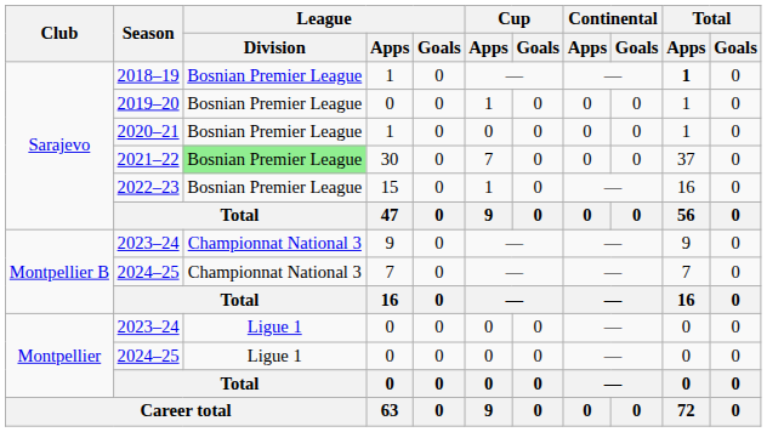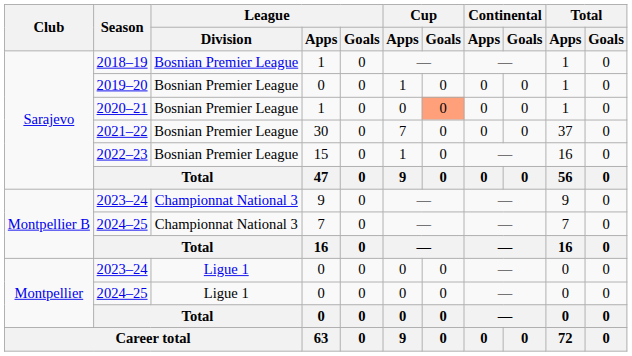 <table class="wikitable" style="text-align:center">
 <tr>
 <th rowspan=2>Club</th>
 <th rowspan=2>Season</th>
 <th colspan=3>League</th>
 <th colspan=2>Cup</th>
 <th colspan=2>Continental</th>
 <th colspan=2>Total</th>
 </tr>
 <tr>
 <th>Division</th>
 <th>Apps</th>
 <th>Goals</th>
 <th>Apps</th>
 <th>Goals</th>
 <th>Apps</th>
 <th>Goals</th>
 <th>Apps</th>
 <th>Goals</th>
 </tr>
 <tr>
 <td rowspan=6><a href='#'>Sarajevo</a></td>
 <td><a href='#'>2018–19</a></td>
 <td><a href='#'>Bosnian Premier League</a></td>
 <td>1</td>
 <td>0</td>
 <td colspan=2>—</td>
 <td colspan="2">—</td>
-<td><strong>1</strong></td>
+<td>1</td>
 <td>0</td>
 </tr>
 <tr>
 <td><a href='#'>2019–20</a></td>
 <td>Bosnian Premier League</td>
 <td>0</td>
 <td>0</td>
 <td>1</td>
 <td>0</td>
 <td>0</td>
 <td>0</td>
 <td>1</td>
 <td>0</td>
 </tr>
 <tr>
 <td><a href='#'>2020–21</a></td>
 <td>Bosnian Premier League</td>
 <td>1</td>
 <td>0</td>
 <td>0</td>
-<td>0</td>
+<td style="background: lightsalmon;">0</td>
 <td>0</td>
 <td>0</td>
 <td>1</td>
 <td>0</td>
 </tr>
 <tr>
 <td><a href='#'>2021–22</a></td>
-<td style="background: lightgreen;">Bosnian Premier League</td>
+<td>Bosnian Premier League</td>
 <td>30</td>
 <td>0</td>
 <td>7</td>
 <td>0</td>
 <td>0</td>
 <td>0</td>
 <td>37</td>
 <td>0</td>
 </tr>
 <tr>
 <td><a href='#'>2022–23</a></td>
 <td>Bosnian Premier League</td>
 <td>15</td>
 <td>0</td>
 <td>1</td>
 <td>0</td>
 <td colspan=2>—</td>
 <td>16</td>
 <td>0</td>
 </tr>
 <tr>
 <th colspan=2>Total</th>
 <th>47</th>
 <th>0</th>
 <th>9</th>
 <th>0</th>
 <th>0</th>
 <th>0</th>
 <th>56</th>
 <th>0</th>
 </tr>
 <tr>
 <td rowspan="3"><a href='#'>Montpellier B</a></td>
 <td><a href='#'>2023–24</a></td>
 <td><a href='#'>Championnat National 3</a></td>
 <td>9</td>
 <td>0</td>
 <td colspan="2">—</td>
 <td colspan="2">—</td>
 <td>9</td>
 <td>0</td>
 </tr>
 <tr>
 <td><a href='#'>2024–25</a></td>
 <td>Championnat National 3</td>
 <td>7</td>
 <td>0</td>
 <td colspan="2">—</td>
 <td colspan="2">—</td>
 <td>7</td>
 <td>0</td>
 </tr>
 <tr>
 <th colspan="2">Total</th>
 <th>16</th>
 <th>0</th>
 <th colspan="2">—</th>
 <th colspan="2">—</th>
 <th>16</th>
 <th>0</th>
 </tr>
 <tr>
 <td rowspan="3"><a href='#'>Montpellier</a></td>
 <td><a href='#'>2023–24</a></td>
 <td><a href='#'>Ligue 1</a></td>
 <td>0</td>
 <td>0</td>
 <td>0</td>
 <td>0</td>
 <td colspan="2">—</td>
 <td>0</td>
 <td>0</td>
 </tr>
 <tr>
 <td><a href='#'>2024–25</a></td>
 <td>Ligue 1</td>
 <td>0</td>
 <td>0</td>
 <td>0</td>
 <td>0</td>
 <td colspan="2">—</td>
 <td>0</td>
 <td>0</td>
 </tr>
 <tr>
 <th colspan="2">Total</th>
 <th>0</th>
 <th>0</th>
 <th>0</th>
 <th>0</th>
 <th colspan="2">—</th>
 <th>0</th>
 <th>0</th>
 </tr>
 <tr>
 <th colspan="3">Career total</th>
 <th>63</th>
 <th>0</th>
 <th>9</th>
 <th>0</th>
 <th>0</th>
 <th>0</th>
 <th>72</th>
 <th>0</th>
 </tr>
 </table>
